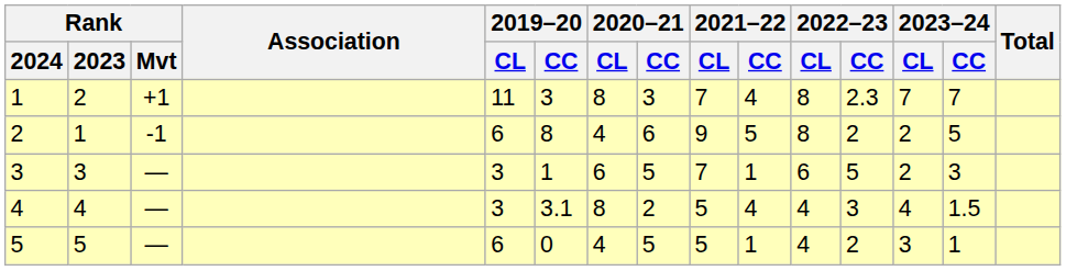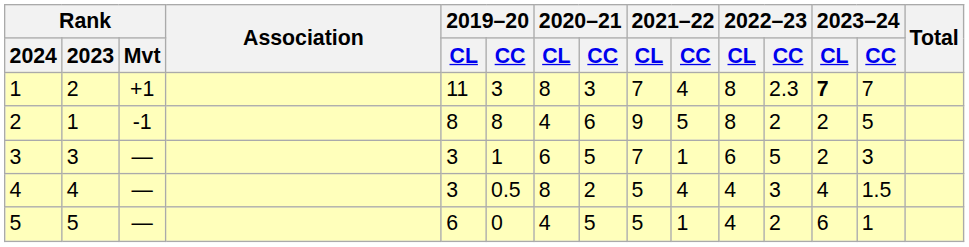 <table class="wikitable">
 <tr>
 <th colspan=3>Rank</th>
 <th rowspan=2 width=200>Association</th>
 <th colspan=2>2019–20<br></th>
 <th colspan=2>2020–21<br></th>
 <th colspan=2>2021–22<br></th>
 <th colspan=2>2022–23<br></th>
 <th colspan=2>2023–24<br></th>
 <th rowspan=2>Total</th>
 </tr>
 <tr>
 <th>2024</th>
 <th>2023</th>
 <th>Mvt</th>
 <th><a href='#'>CL</a></th>
 <th><a href='#'>CC</a></th>
 <th><a href='#'>CL</a></th>
 <th><a href='#'>CC</a></th>
 <th><a href='#'>CL</a></th>
 <th><a href='#'>CC</a></th>
 <th><a href='#'>CL</a></th>
 <th><a href='#'>CC</a></th>
 <th><a href='#'>CL</a></th>
 <th><a href='#'>CC</a></th>
 </tr>
 <tr bgcolor=#FFFFBB>
 <td>1</td>
 <td>2</td>
 <td align=center> +1</td>
 <td></td>
 <td>11</td>
 <td>3</td>
 <td>8</td>
 <td>3</td>
 <td>7</td>
 <td>4</td>
 <td>8</td>
 <td>2.3</td>
-<td>7</td>
+<td><strong>7</strong></td>
 <td>7</td>
 <td><strong></strong></td>
 </tr>
 <tr bgcolor=#FFFFBB>
 <td>2</td>
 <td>1</td>
 <td align=center> -1</td>
 <td><strong></strong></td>
-<td>6</td>
+<td>8</td>
 <td>8</td>
 <td>4</td>
 <td>6</td>
 <td>9</td>
 <td>5</td>
 <td>8</td>
 <td>2</td>
 <td>2</td>
 <td>5</td>
 <td><strong></strong></td>
 </tr>
 <tr bgcolor=#FFFFBB>
 <td>3</td>
 <td>3</td>
 <td align=center> —</td>
 <td></td>
 <td>3</td>
 <td>1</td>
 <td>6</td>
 <td>5</td>
 <td>7</td>
 <td>1</td>
 <td>6</td>
 <td>5</td>
 <td>2</td>
 <td>3</td>
 <td><strong></strong></td>
 </tr>
 <tr bgcolor=#FFFFBB>
 <td>4</td>
 <td>4</td>
 <td align=center> —</td>
 <td></td>
 <td>3</td>
-<td>3.1</td>
+<td>0.5</td>
 <td>8</td>
 <td>2</td>
 <td>5</td>
 <td>4</td>
 <td>4</td>
 <td>3</td>
 <td>4</td>
 <td>1.5</td>
 <td><strong></strong></td>
 </tr>
 <tr bgcolor=#FFFFBB>
 <td>5</td>
 <td>5</td>
 <td align=center> —</td>
 <td></td>
 <td>6</td>
 <td>0</td>
 <td>4</td>
 <td>5</td>
 <td>5</td>
 <td>1</td>
 <td>4</td>
 <td>2</td>
-<td>3</td>
+<td>6</td>
 <td>1</td>
 <td><strong></strong></td>
 </tr>
 </table>
